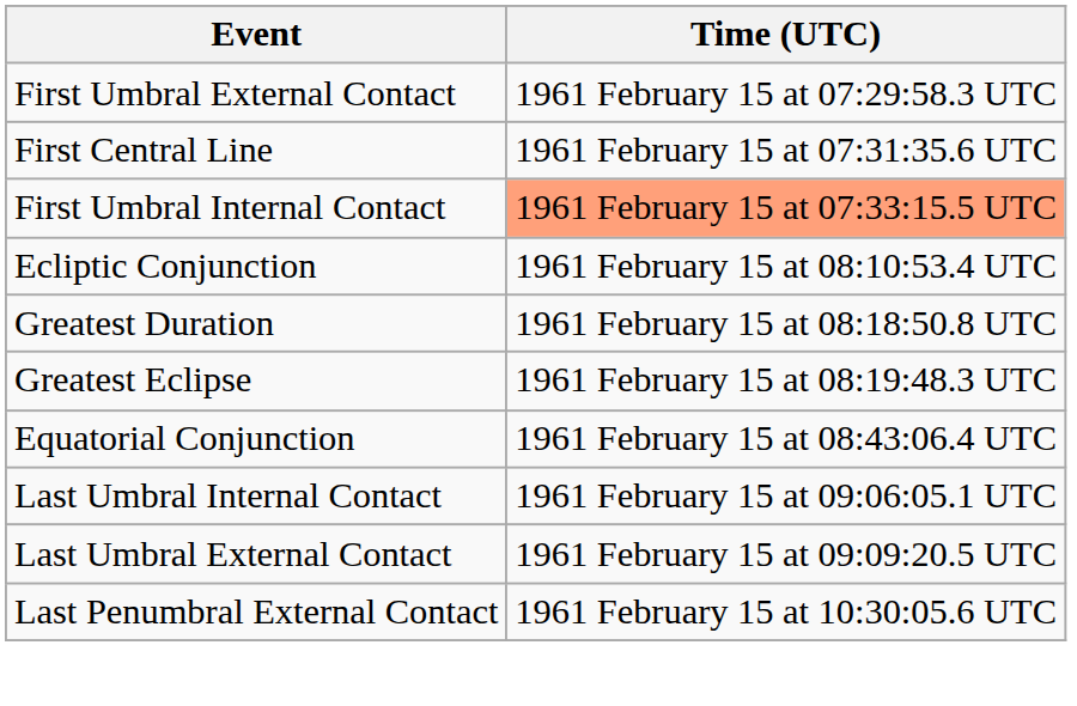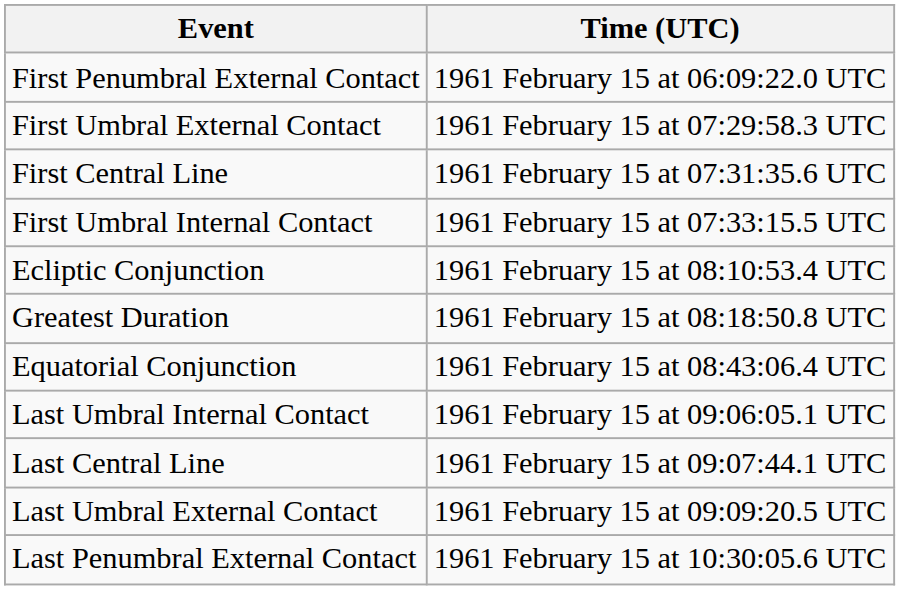 <table class="wikitable">
 <tr>
 <th>Event</th>
 <th>Time (UTC)</th>
+</tr>
+<tr>
+<td>First Penumbral External Contact</td>
+<td>1961 February 15 at 06:09:22.0 UTC</td>
 </tr>
 <tr>
 <td>First Umbral External Contact</td>
 <td>1961 February 15 at 07:29:58.3 UTC</td>
 </tr>
 <tr>
 <td>First Central Line</td>
 <td>1961 February 15 at 07:31:35.6 UTC</td>
 </tr>
 <tr>
 <td>First Umbral Internal Contact</td>
-<td style="background: lightsalmon;">1961 February 15 at 07:33:15.5 UTC</td>
+<td>1961 February 15 at 07:33:15.5 UTC</td>
 </tr>
 <tr>
 <td>Ecliptic Conjunction</td>
 <td>1961 February 15 at 08:10:53.4 UTC</td>
 </tr>
 <tr>
 <td>Greatest Duration</td>
 <td>1961 February 15 at 08:18:50.8 UTC</td>
 </tr>
 <tr>
-<td>Greatest Eclipse</td>
-<td>1961 February 15 at 08:19:48.3 UTC</td>
-</tr>
-<tr>
 <td>Equatorial Conjunction</td>
 <td>1961 February 15 at 08:43:06.4 UTC</td>
 </tr>
 <tr>
 <td>Last Umbral Internal Contact</td>
 <td>1961 February 15 at 09:06:05.1 UTC</td>
+</tr>
+<tr>
+<td>Last Central Line</td>
+<td>1961 February 15 at 09:07:44.1 UTC</td>
 </tr>
 <tr>
 <td>Last Umbral External Contact</td>
 <td>1961 February 15 at 09:09:20.5 UTC</td>
 </tr>
 <tr>
 <td>Last Penumbral External Contact</td>
 <td>1961 February 15 at 10:30:05.6 UTC</td>
 </tr>
 </table>
